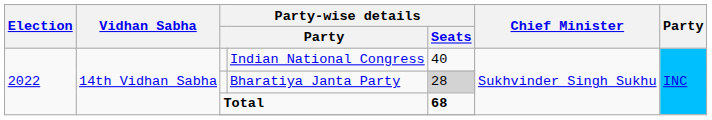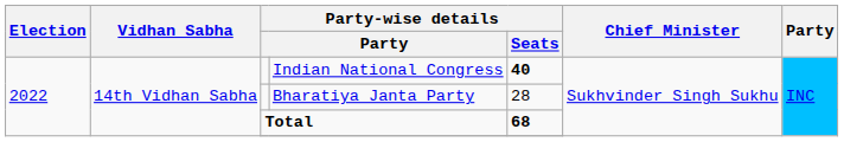 <table class="wikitable sortable">
 <tr>
 <th rowspan="2"><a href='#'>Election</a></th>
 <th rowspan="2"><a href='#'>Vidhan Sabha</a></th>
 <th colspan="3">Party-wise details</th>
 <th rowspan="2"><a href='#'>Chief Minister</a></th>
 <th rowspan="2">Party</th>
 </tr>
 <tr>
 <th colspan="2">Party</th>
 <th><a href='#'>Seats</a></th>
 </tr>
 <tr>
 <td rowspan="4"><a href='#'>2022</a></td>
 <td rowspan="4"><a href='#'>14th Vidhan Sabha</a></td>
 <td style="background-color: "></td>
 <td><a href='#'>Indian National Congress</a></td>
-<td>40</td>
+<td><strong>40</strong></td>
 <td rowspan="5"><a href='#'>Sukhvinder Singh Sukhu</a><br></td>
 <td rowspan="5"; bgcolor=#00BFFF><a href='#'>INC</a></td>
 </tr>
 <tr>
 <td style="background-color: "></td>
 <td><a href='#'>Bharatiya Janta Party</a></td>
-<td style="background: lightgrey;">28</td>
+<td>28</td>
 </tr>
 <tr>
 <td colspan="2"><strong>Total</strong></td>
 <td><strong>68</strong></td>
 </tr>
 <tr>
 </tr>
 </table>
